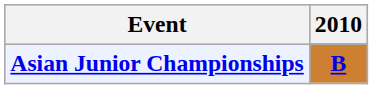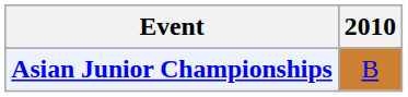 <table class="wikitable" style="font-size: 90%; text-align:center">
 <tr>
 <th>Event</th>
 <th>2010</th>
 </tr>
 <tr>
 <td bgcolor="#ECF2FF"; align="left"><strong><a href='#'>Asian Junior Championships</a></strong></td>
-<td bgcolor=CD7F32><strong><a href='#'>B</a></strong></td>
+<td bgcolor=CD7F32><a href='#'>B</a></td>
 </tr>
 </table>
